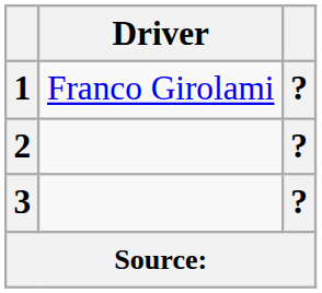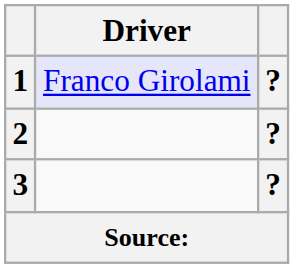 <table align=left| class="wikitable" style="font-size: 85%; text-align: center;">
 <tr valign="top">
 <th valign=middle></th>
 <th valign=middle>Driver</th>
 <th valign=middle>  </th>
 </tr>
 <tr>
 <th>1</th>
-<td align="left"> <a href='#'>Franco Girolami</a></td>
+<td align="left" style="background: lavender;"> <a href='#'>Franco Girolami</a></td>
 <th>?</th>
 </tr>
 <tr>
 <th>2</th>
 <td align="left"></td>
 <th>?</th>
 </tr>
 <tr>
 <th>3</th>
 <td align="left"></td>
 <th>?</th>
 </tr>
 <tr>
 <th colspan="3"><small>Source:</small></th>
 </tr>
 </table>
